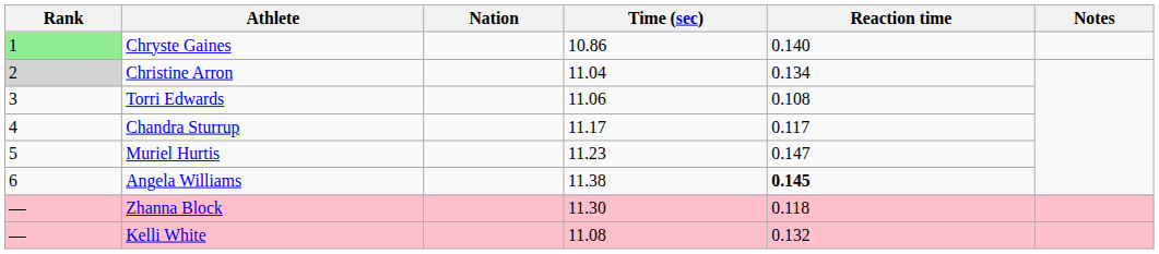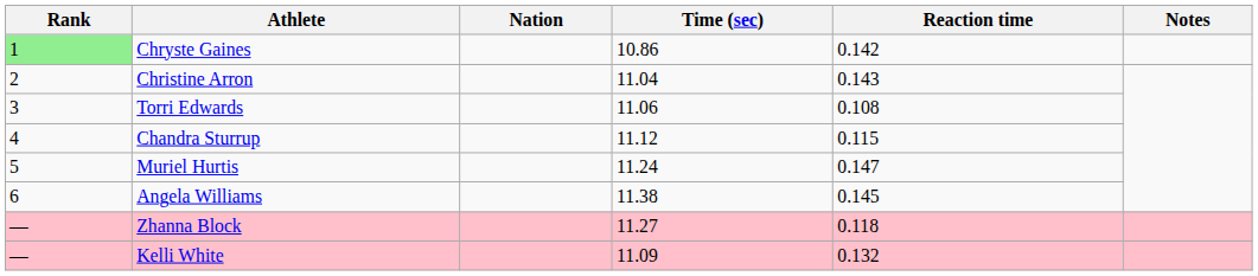 <table class="wikitable" style="text=align:center;" width=85%>
 <tr>
 <th>Rank</th>
 <th>Athlete</th>
 <th>Nation</th>
 <th>Time (<a href='#'>sec</a>)</th>
 <th>Reaction time</th>
 <th>Notes</th>
 </tr>
 <tr>
 <td style="background: lightgreen;">1</td>
 <td><a href='#'>Chryste Gaines</a></td>
 <td></td>
 <td>10.86</td>
-<td>0.140</td>
+<td>0.142</td>
 <td></td>
 </tr>
 <tr>
-<td style="background: lightgrey;">2</td>
+<td>2</td>
 <td><a href='#'>Christine Arron</a></td>
 <td></td>
 <td>11.04</td>
-<td>0.134</td>
+<td>0.143</td>
 </tr>
 <tr>
 <td>3</td>
 <td><a href='#'>Torri Edwards</a></td>
 <td></td>
 <td>11.06</td>
 <td>0.108</td>
 </tr>
 <tr>
 <td>4</td>
 <td><a href='#'>Chandra Sturrup</a></td>
 <td></td>
-<td>11.17</td>
-<td>0.117</td>
+<td>11.12</td>
+<td>0.115</td>
 </tr>
 <tr>
 <td>5</td>
 <td><a href='#'>Muriel Hurtis</a></td>
 <td></td>
-<td>11.23</td>
+<td>11.24</td>
 <td>0.147</td>
 </tr>
 <tr>
 <td>6</td>
 <td><a href='#'>Angela Williams</a></td>
 <td></td>
 <td>11.38</td>
-<td><strong>0.145</strong></td>
+<td>0.145</td>
 </tr>
 <tr bgcolor=pink>
 <td>—</td>
 <td><a href='#'>Zhanna Block</a></td>
 <td></td>
-<td>11.30</td>
+<td>11.27</td>
 <td>0.118</td>
 <td></td>
 </tr>
 <tr bgcolor=pink>
 <td>—</td>
 <td><a href='#'>Kelli White</a></td>
 <td></td>
-<td>11.08</td>
+<td>11.09</td>
 <td>0.132</td>
 <td></td>
 </tr>
 </table>
